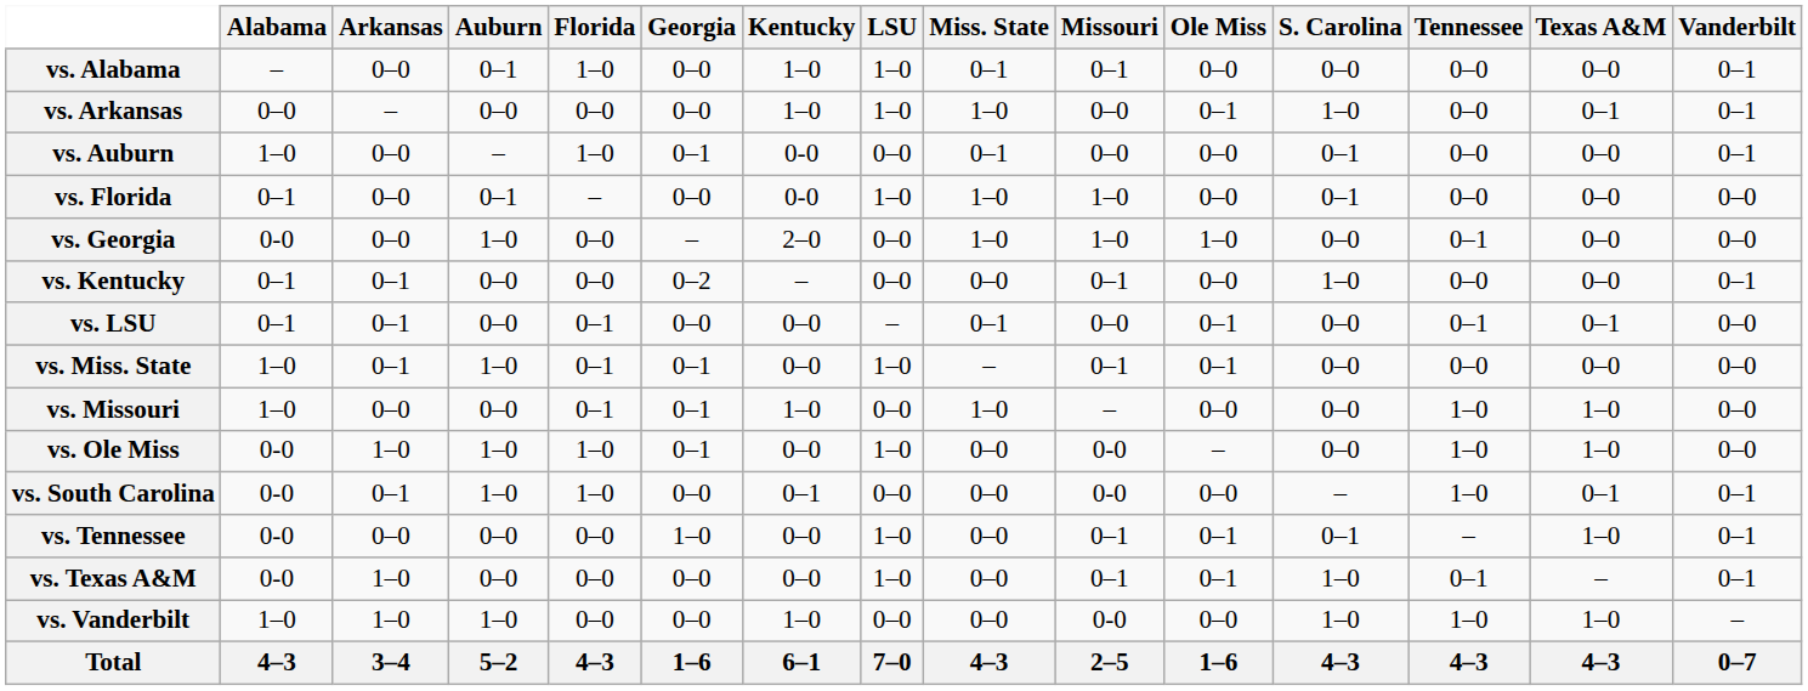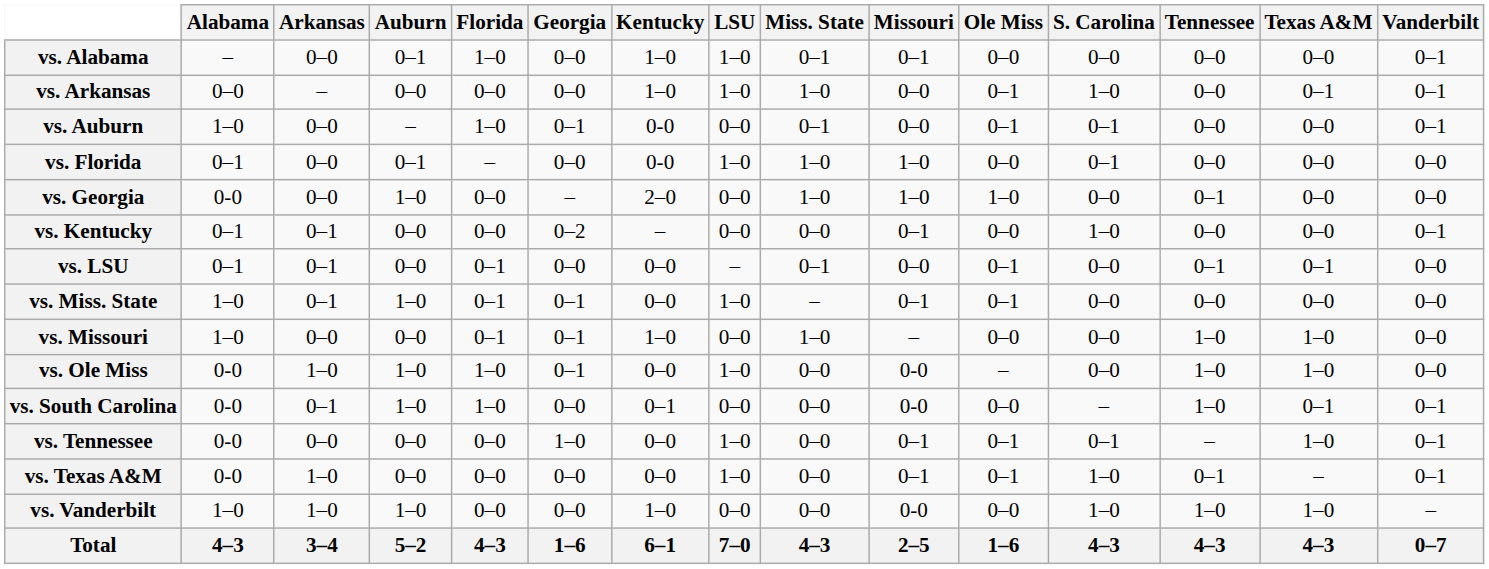 <table class="wikitable" style="white-space:nowrap; font-size:90%;">
 <tr>
 <td style="background:white; border-top-style:hidden; border-left-style:hidden;"></td>
 <th>Alabama</th>
 <th>Arkansas</th>
 <th>Auburn</th>
 <th>Florida</th>
 <th>Georgia</th>
 <th>Kentucky</th>
 <th>LSU</th>
 <th>Miss. State</th>
 <th>Missouri</th>
 <th>Ole Miss</th>
 <th>S. Carolina</th>
 <th>Tennessee</th>
 <th>Texas A&M</th>
 <th>Vanderbilt</th>
 </tr>
 <tr style="text-align:center;">
 <th>vs. Alabama</th>
 <td>–</td>
 <td>0–0</td>
 <td>0–1</td>
 <td>1–0</td>
 <td>0–0</td>
 <td>1–0</td>
 <td>1–0</td>
 <td>0–1</td>
 <td>0–1</td>
 <td>0–0</td>
 <td>0–0</td>
 <td>0–0</td>
 <td>0–0</td>
 <td>0–1</td>
 </tr>
 <tr style="text-align:center;">
 <th>vs. Arkansas</th>
 <td>0–0</td>
 <td>–</td>
 <td>0–0</td>
 <td>0–0</td>
 <td>0–0</td>
 <td>1–0</td>
 <td>1–0</td>
 <td>1–0</td>
 <td>0–0</td>
 <td>0–1</td>
 <td>1–0</td>
 <td>0–0</td>
 <td>0–1</td>
 <td>0–1</td>
 </tr>
 <tr style="text-align:center;">
 <th>vs. Auburn</th>
 <td>1–0</td>
 <td>0–0</td>
 <td>–</td>
 <td>1–0</td>
 <td>0–1</td>
 <td>0-0</td>
 <td>0–0</td>
 <td>0–1</td>
 <td>0–0</td>
-<td>0–0</td>
+<td>0–1</td>
 <td>0–1</td>
 <td>0–0</td>
 <td>0–0</td>
 <td>0–1</td>
 </tr>
 <tr style="text-align:center;">
 <th>vs. Florida</th>
 <td>0–1</td>
 <td>0–0</td>
 <td>0–1</td>
 <td>–</td>
 <td>0–0</td>
 <td>0-0</td>
 <td>1–0</td>
 <td>1–0</td>
 <td>1–0</td>
 <td>0–0</td>
 <td>0–1</td>
 <td>0–0</td>
 <td>0–0</td>
 <td>0–0</td>
 </tr>
 <tr style="text-align:center;">
 <th>vs. Georgia</th>
 <td>0-0</td>
 <td>0–0</td>
 <td>1–0</td>
 <td>0–0</td>
 <td>–</td>
 <td>2–0</td>
 <td>0–0</td>
 <td>1–0</td>
 <td>1–0</td>
 <td>1–0</td>
 <td>0–0</td>
 <td>0–1</td>
 <td>0–0</td>
 <td>0–0</td>
 </tr>
 <tr style="text-align:center;">
 <th>vs. Kentucky</th>
 <td>0–1</td>
 <td>0–1</td>
 <td>0–0</td>
 <td>0–0</td>
 <td>0–2</td>
 <td>–</td>
 <td>0–0</td>
 <td>0–0</td>
 <td>0–1</td>
 <td>0–0</td>
 <td>1–0</td>
 <td>0–0</td>
 <td>0–0</td>
 <td>0–1</td>
 </tr>
 <tr style="text-align:center;">
 <th>vs. LSU</th>
 <td>0–1</td>
 <td>0–1</td>
 <td>0–0</td>
 <td>0–1</td>
 <td>0–0</td>
 <td>0–0</td>
 <td>–</td>
 <td>0–1</td>
 <td>0–0</td>
 <td>0–1</td>
 <td>0–0</td>
 <td>0–1</td>
 <td>0–1</td>
 <td>0–0</td>
 </tr>
 <tr style="text-align:center;">
 <th>vs. Miss. State</th>
 <td>1–0</td>
 <td>0–1</td>
 <td>1–0</td>
 <td>0–1</td>
 <td>0–1</td>
 <td>0–0</td>
 <td>1–0</td>
 <td>–</td>
 <td>0–1</td>
 <td>0–1</td>
 <td>0–0</td>
 <td>0–0</td>
 <td>0–0</td>
 <td>0–0</td>
 </tr>
 <tr style="text-align:center;">
 <th>vs. Missouri</th>
 <td>1–0</td>
 <td>0–0</td>
 <td>0–0</td>
 <td>0–1</td>
 <td>0–1</td>
 <td>1–0</td>
 <td>0–0</td>
 <td>1–0</td>
 <td>–</td>
 <td>0–0</td>
 <td>0–0</td>
 <td>1–0</td>
 <td>1–0</td>
 <td>0–0</td>
 </tr>
 <tr style="text-align:center;">
 <th>vs. Ole Miss</th>
 <td>0-0</td>
 <td>1–0</td>
 <td>1–0</td>
 <td>1–0</td>
 <td>0–1</td>
 <td>0–0</td>
 <td>1–0</td>
 <td>0–0</td>
 <td>0-0</td>
 <td>–</td>
 <td>0–0</td>
 <td>1–0</td>
 <td>1–0</td>
 <td>0–0</td>
 </tr>
 <tr style="text-align:center;">
 <th>vs. South Carolina</th>
 <td>0-0</td>
 <td>0–1</td>
 <td>1–0</td>
 <td>1–0</td>
 <td>0–0</td>
 <td>0–1</td>
 <td>0–0</td>
 <td>0–0</td>
 <td>0-0</td>
 <td>0–0</td>
 <td>–</td>
 <td>1–0</td>
 <td>0–1</td>
 <td>0–1</td>
 </tr>
 <tr style="text-align:center;">
 <th>vs. Tennessee</th>
 <td>0-0</td>
 <td>0–0</td>
 <td>0–0</td>
 <td>0–0</td>
 <td>1–0</td>
 <td>0–0</td>
 <td>1–0</td>
 <td>0–0</td>
 <td>0–1</td>
 <td>0–1</td>
 <td>0–1</td>
 <td>–</td>
 <td>1–0</td>
 <td>0–1</td>
 </tr>
 <tr style="text-align:center;">
 <th>vs. Texas A&M</th>
 <td>0-0</td>
 <td>1–0</td>
 <td>0–0</td>
 <td>0–0</td>
 <td>0–0</td>
 <td>0–0</td>
 <td>1–0</td>
 <td>0–0</td>
 <td>0–1</td>
 <td>0–1</td>
 <td>1–0</td>
 <td>0–1</td>
 <td>–</td>
 <td>0–1</td>
 </tr>
 <tr style="text-align:center;">
 <th>vs. Vanderbilt</th>
 <td>1–0</td>
 <td>1–0</td>
 <td>1–0</td>
 <td>0–0</td>
 <td>0–0</td>
 <td>1–0</td>
 <td>0–0</td>
 <td>0–0</td>
 <td>0-0</td>
 <td>0–0</td>
 <td>1–0</td>
 <td>1–0</td>
 <td>1–0</td>
 <td>–</td>
 </tr>
 <tr style="text-align:center;">
 <th>Total</th>
 <th>4–3</th>
 <th>3–4</th>
 <th>5–2</th>
 <th>4–3</th>
 <th>1–6</th>
 <th>6–1</th>
 <th>7–0</th>
 <th>4–3</th>
 <th>2–5</th>
 <th>1–6</th>
 <th>4–3</th>
 <th>4–3</th>
 <th>4–3</th>
 <th>0–7</th>
 </tr>
 </table>
